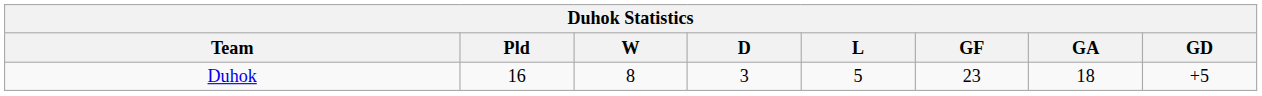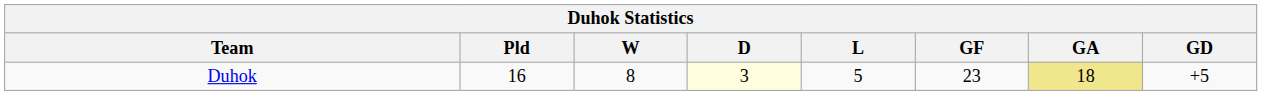 <table width=70% class="wikitable" style="text-align:">
 <tr>
 <th colspan=9>Duhok Statistics</th>
 </tr>
 <tr>
 <th width=20%>Team</th>
 <th width=5%>Pld</th>
 <th width=5%>W</th>
 <th width=5%>D</th>
 <th width=5%>L</th>
 <th width=5%>GF</th>
 <th width=5%>GA</th>
 <th width=5%>GD</th>
 </tr>
 <tr align=center>
 <td align=center> <a href='#'>Duhok</a></td>
 <td>16</td>
 <td>8</td>
-<td>3</td>
+<td style="background: lightyellow;">3</td>
 <td>5</td>
 <td>23</td>
-<td>18</td>
+<td style="background: khaki;">18</td>
 <td>+5</td>
 </tr>
 </table>
